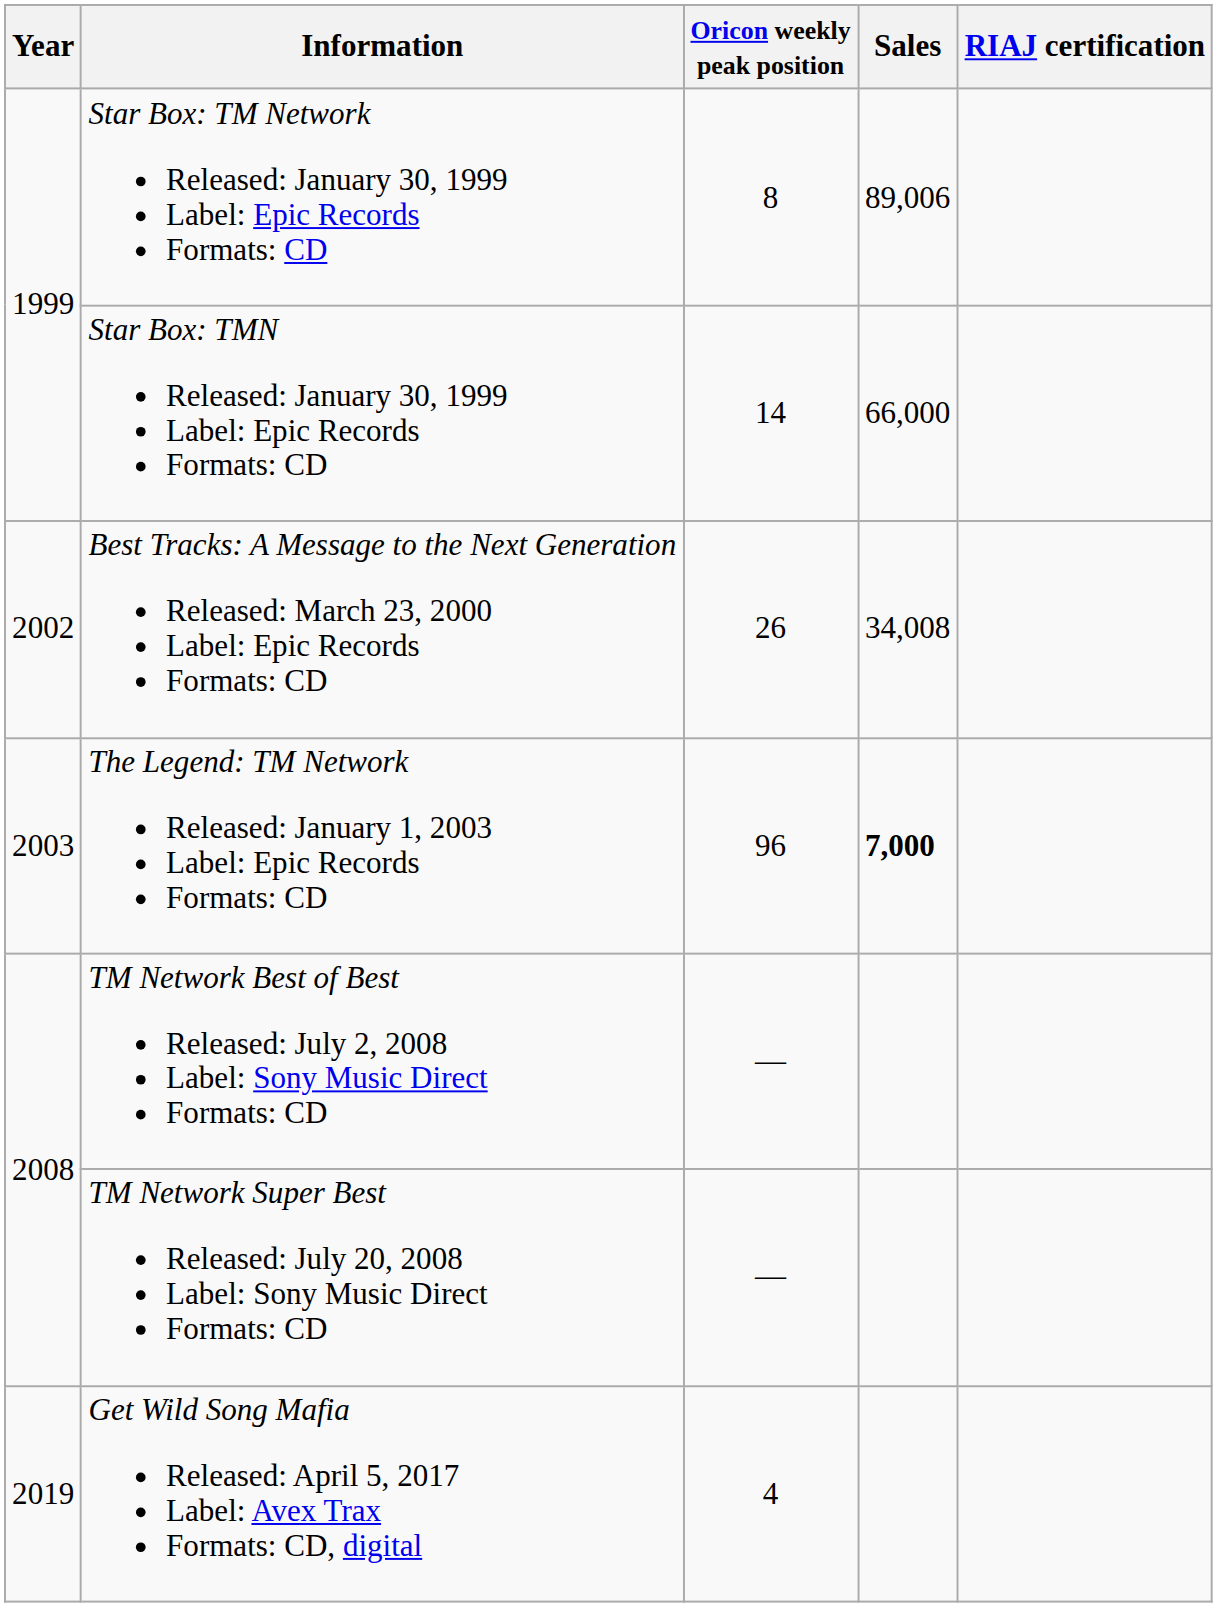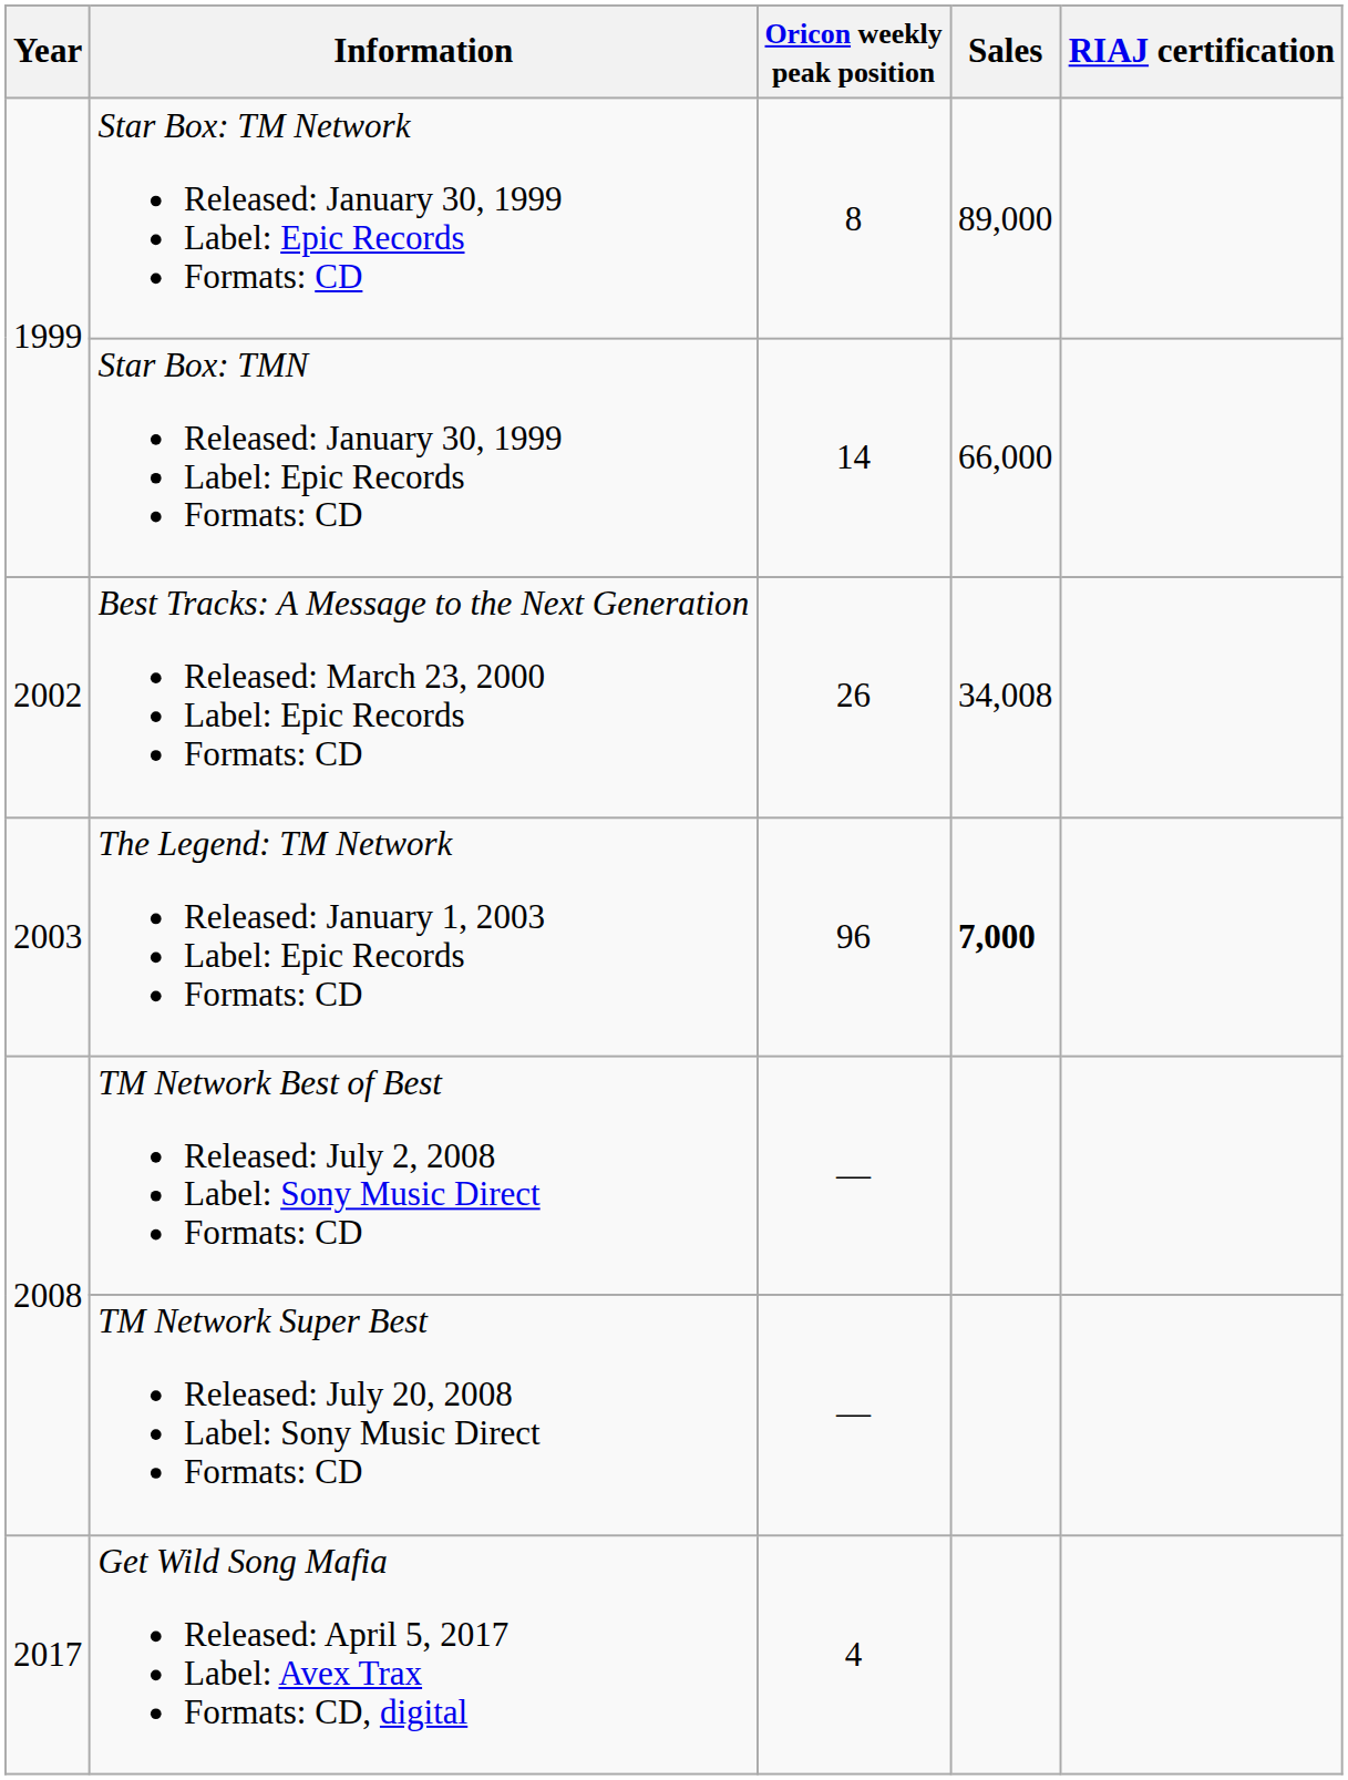 <table class="wikitable">
 <tr>
 <th>Year</th>
 <th>Information</th>
 <th><small><a href='#'>Oricon</a> weekly<br>peak position</small></th>
 <th>Sales<br></th>
 <th><a href='#'>RIAJ</a> certification</th>
 </tr>
 <tr>
 <td rowspan="2">1999</td>
 <td><em>Star Box: TM Network</em><br><ul><li>Released: January 30, 1999</li><li>Label: <a href='#'>Epic Records</a></li><li>Formats: <a href='#'>CD</a></li></ul></td>
 <td style="text-align:center;">8</td>
-<td align="left">89,006</td>
+<td align="left">89,000</td>
 <td align="left"></td>
 </tr>
 <tr>
 <td><em>Star Box: TMN</em><br><ul><li>Released: January 30, 1999</li><li>Label: Epic Records</li><li>Formats: CD</li></ul></td>
 <td style="text-align:center;">14</td>
 <td align="left">66,000</td>
 <td align="left"></td>
 </tr>
 <tr>
 <td>2002</td>
 <td><em>Best Tracks: A Message to the Next Generation</em><br><ul><li>Released: March 23, 2000</li><li>Label: Epic Records</li><li>Formats: CD</li></ul></td>
 <td style="text-align:center;">26</td>
 <td align="left">34,008</td>
 <td align="left"></td>
 </tr>
 <tr>
 <td>2003</td>
 <td><em>The Legend: TM Network</em><br><ul><li>Released: January 1, 2003</li><li>Label: Epic Records</li><li>Formats: CD</li></ul></td>
 <td style="text-align:center;">96</td>
 <td align="left"><strong>7,000</strong></td>
 <td align="left"></td>
 </tr>
 <tr>
 <td rowspan="2">2008</td>
 <td><em>TM Network Best of Best</em><br><ul><li>Released: July 2, 2008</li><li>Label: <a href='#'>Sony Music Direct</a></li><li>Formats: CD</li></ul></td>
 <td style="text-align:center;">—</td>
 <td align="left"></td>
 <td align="left"></td>
 </tr>
 <tr>
 <td><em>TM Network Super Best</em><br><ul><li>Released: July 20, 2008</li><li>Label: Sony Music Direct</li><li>Formats: CD</li></ul></td>
 <td style="text-align:center;">—</td>
 <td align="left"></td>
 <td align="left"></td>
 </tr>
 <tr>
-<td>2019</td>
+<td>2017</td>
 <td><em>Get Wild Song Mafia</em><br><ul><li>Released: April 5, 2017</li><li>Label: <a href='#'>Avex Trax</a></li><li>Formats: CD, <a href='#'>digital</a></li></ul></td>
 <td style="text-align:center;">4</td>
 <td align="left"></td>
 <td align="left"></td>
 </tr>
 </table>
